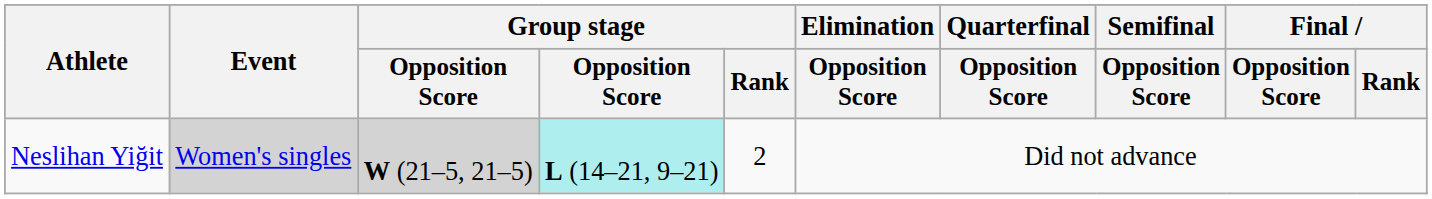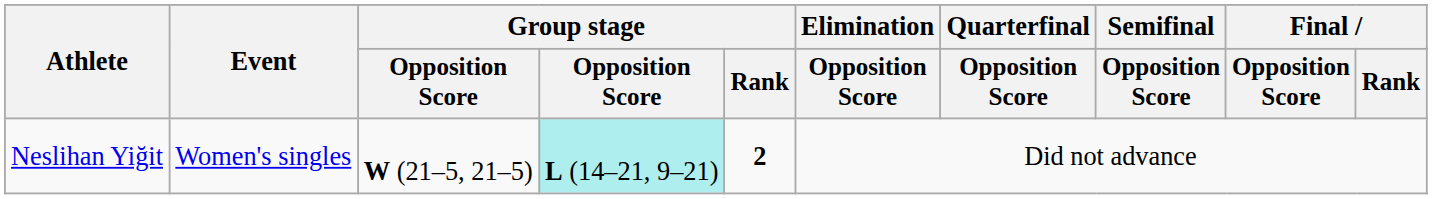 <table class="wikitable" style="font-size:90%">
 <tr>
 <th rowspan=2>Athlete</th>
 <th rowspan=2>Event</th>
 <th colspan=3>Group stage</th>
 <th>Elimination</th>
 <th>Quarterfinal</th>
 <th>Semifinal</th>
 <th colspan=2>Final / </th>
 </tr>
 <tr style="font-size:95%">
 <th>Opposition<br>Score</th>
 <th>Opposition<br>Score</th>
 <th>Rank</th>
 <th>Opposition<br>Score</th>
 <th>Opposition<br>Score</th>
 <th>Opposition<br>Score</th>
 <th>Opposition<br>Score</th>
 <th>Rank</th>
 </tr>
 <tr align=center>
 <td align=left><a href='#'>Neslihan Yiğit</a></td>
-<td align="left" style="background: lightgrey;"><a href='#'>Women's singles</a></td>
-<td style="background: lightgrey;"><br><strong>W</strong> (21–5, 21–5)</td>
+<td align="left"><a href='#'>Women's singles</a></td>
+<td><br><strong>W</strong> (21–5, 21–5)</td>
 <td style="background: paleturquoise;"><br><strong>L</strong> (14–21, 9–21)</td>
-<td>2</td>
+<td><strong>2</strong></td>
 <td colspan=5>Did not advance</td>
 </tr>
 </table>
